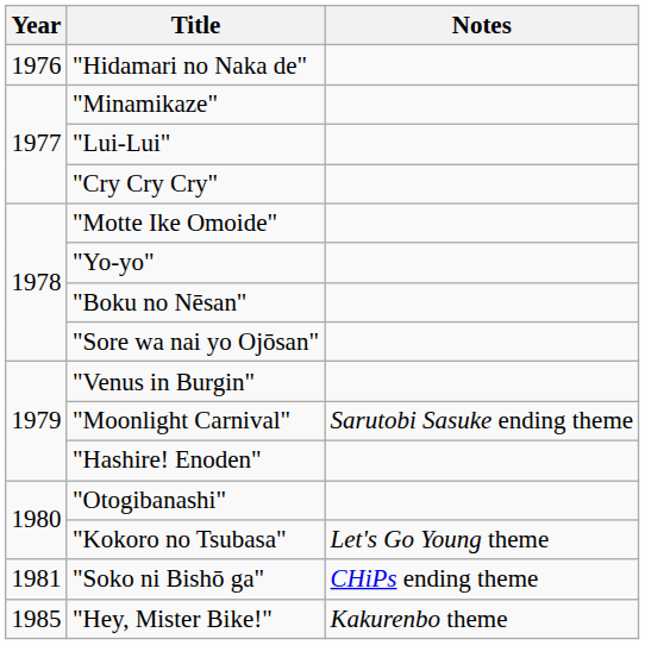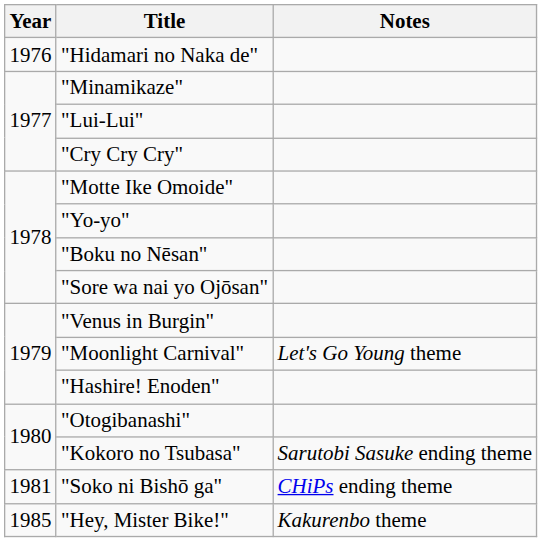 <table class="wikitable">
 <tr>
 <th>Year</th>
 <th>Title</th>
 <th>Notes</th>
 </tr>
 <tr>
 <td>1976</td>
 <td>"Hidamari no Naka de"</td>
 <td></td>
 </tr>
 <tr>
 <td rowspan="3">1977</td>
 <td>"Minamikaze"</td>
 <td></td>
 </tr>
 <tr>
 <td>"Lui-Lui"</td>
 <td></td>
 </tr>
 <tr>
 <td>"Cry Cry Cry"</td>
 <td></td>
 </tr>
 <tr>
 <td rowspan="4">1978</td>
 <td>"Motte Ike Omoide"</td>
 <td></td>
 </tr>
 <tr>
 <td>"Yo-yo"</td>
 <td></td>
 </tr>
 <tr>
 <td>"Boku no Nēsan"</td>
 <td></td>
 </tr>
 <tr>
 <td>"Sore wa nai yo Ojōsan"</td>
 <td></td>
 </tr>
 <tr>
 <td rowspan="3">1979</td>
 <td>"Venus in Burgin"</td>
 <td></td>
 </tr>
 <tr>
 <td>"Moonlight Carnival"</td>
-<td><em>Sarutobi Sasuke</em> ending theme</td>
+<td><em>Let's Go Young</em> theme</td>
 </tr>
 <tr>
 <td>"Hashire! Enoden"</td>
 <td></td>
 </tr>
 <tr>
 <td rowspan="2">1980</td>
 <td>"Otogibanashi"</td>
 <td></td>
 </tr>
 <tr>
 <td>"Kokoro no Tsubasa"</td>
-<td><em>Let's Go Young</em> theme</td>
+<td><em>Sarutobi Sasuke</em> ending theme</td>
 </tr>
 <tr>
 <td>1981</td>
 <td>"Soko ni Bishō ga"</td>
 <td><em><a href='#'>CHiPs</a></em> ending theme</td>
 </tr>
 <tr>
 <td>1985</td>
 <td>"Hey, Mister Bike!"</td>
 <td><em>Kakurenbo</em> theme</td>
 </tr>
 </table>
